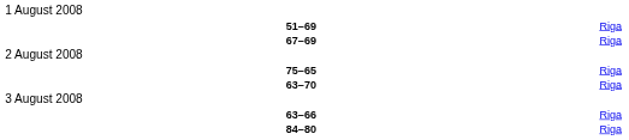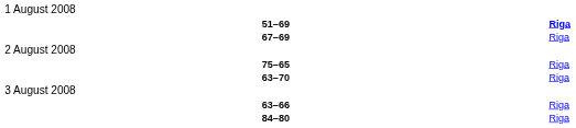 <table style="width:100%;" cellspacing="1">
 <tr>
 <th width=25%></th>
 <th width=3%></th>
 <th width=6%></th>
 <th width=3%></th>
 <th width=25%></th>
 </tr>
 <tr>
 <td>1 August 2008</td>
 </tr>
 <tr style=font-size:90%>
 <td align=right><strong></strong></td>
 <td></td>
 <td align=center><strong>51–69</strong></td>
 <td></td>
 <td><strong></strong></td>
-<td><a href='#'>Riga</a></td>
+<td><strong><a href='#'>Riga</a></strong></td>
 </tr>
 <tr style=font-size:90%>
 <td align=right><strong></strong></td>
 <td></td>
 <td align=center><strong>67–69</strong></td>
 <td></td>
 <td><strong></strong></td>
 <td><a href='#'>Riga</a></td>
 </tr>
 <tr>
 <td>2 August 2008</td>
 </tr>
 <tr style=font-size:90%>
 <td align=right><strong></strong></td>
 <td></td>
 <td align=center><strong>75–65</strong></td>
 <td></td>
 <td><strong></strong></td>
 <td><a href='#'>Riga</a></td>
 </tr>
 <tr style=font-size:90%>
 <td align=right><strong></strong></td>
 <td></td>
 <td align=center><strong>63–70</strong></td>
 <td></td>
 <td><strong></strong></td>
 <td><a href='#'>Riga</a></td>
 </tr>
 <tr>
 <td>3 August 2008</td>
 </tr>
 <tr style=font-size:90%>
 <td align=right><strong></strong></td>
 <td></td>
 <td align=center><strong>63–66</strong></td>
 <td></td>
 <td><strong></strong></td>
 <td><a href='#'>Riga</a></td>
 </tr>
 <tr style=font-size:90%>
 <td align=right><strong></strong></td>
 <td></td>
 <td align=center><strong>84–80</strong></td>
 <td></td>
 <td><strong></strong></td>
 <td><a href='#'>Riga</a></td>
 </tr>
 </table>
